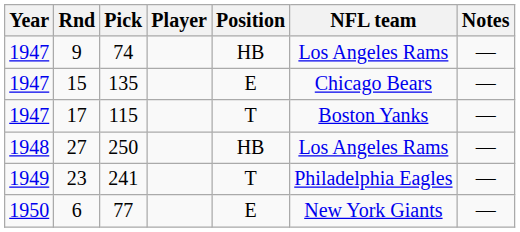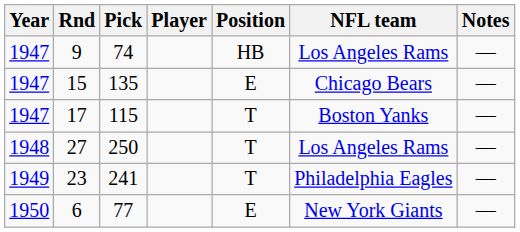 <table class="wikitable sortable">
 <tr>
 <th>Year</th>
 <th>Rnd</th>
 <th>Pick</th>
 <th>Player</th>
 <th>Position</th>
 <th>NFL team</th>
 <th>Notes</th>
 </tr>
 <tr>
 <td align="center"><a href='#'>1947</a></td>
 <td align="center">9</td>
 <td align="center">74</td>
 <td align="center"></td>
 <td align="center">HB</td>
 <td align="center"><a href='#'>Los Angeles Rams</a></td>
 <td align="center">—</td>
 </tr>
 <tr>
 <td align="center"><a href='#'>1947</a></td>
 <td align="center">15</td>
 <td align="center">135</td>
 <td align="center"></td>
 <td align="center">E</td>
 <td align="center"><a href='#'>Chicago Bears</a></td>
 <td align="center">—</td>
 </tr>
 <tr>
 <td align="center"><a href='#'>1947</a></td>
 <td align="center">17</td>
 <td align="center">115</td>
 <td align="center"></td>
 <td align="center">T</td>
 <td align="center"><a href='#'>Boston Yanks</a></td>
 <td align="center">—</td>
 </tr>
 <tr>
 <td align="center"><a href='#'>1948</a></td>
 <td align="center">27</td>
 <td align="center">250</td>
 <td align="center"></td>
-<td align="center">HB</td>
+<td align="center">T</td>
 <td align="center"><a href='#'>Los Angeles Rams</a></td>
 <td align="center">—</td>
 </tr>
 <tr>
 <td align="center"><a href='#'>1949</a></td>
 <td align="center">23</td>
 <td align="center">241</td>
 <td align="center"></td>
 <td align="center">T</td>
 <td align="center"><a href='#'>Philadelphia Eagles</a></td>
 <td align="center">—</td>
 </tr>
 <tr>
 <td align="center"><a href='#'>1950</a></td>
 <td align="center">6</td>
 <td align="center">77</td>
 <td align="center"></td>
 <td align="center">E</td>
 <td align="center"><a href='#'>New York Giants</a></td>
 <td align="center">—</td>
 </tr>
 </table>
